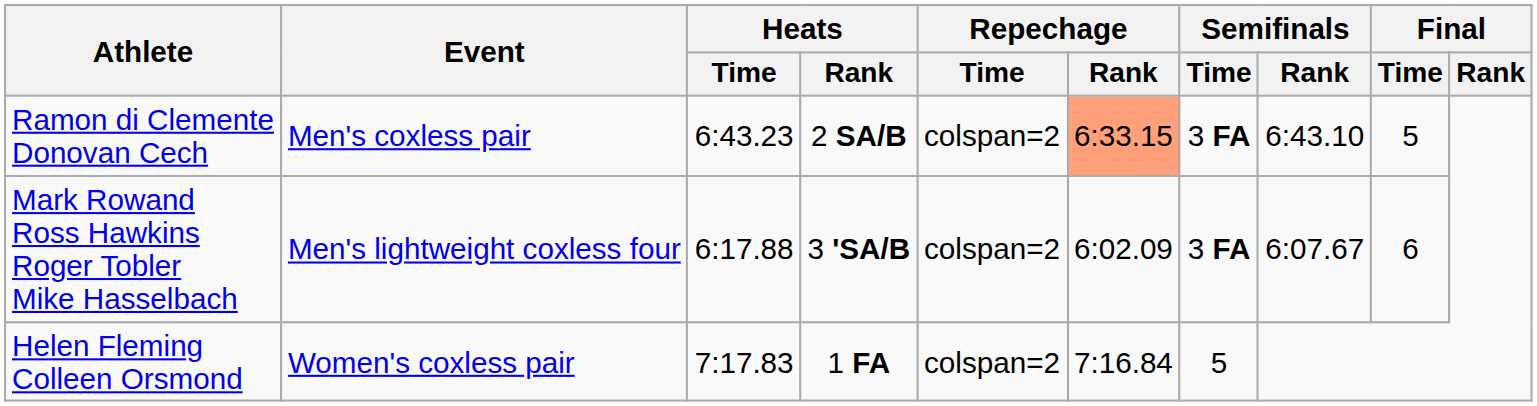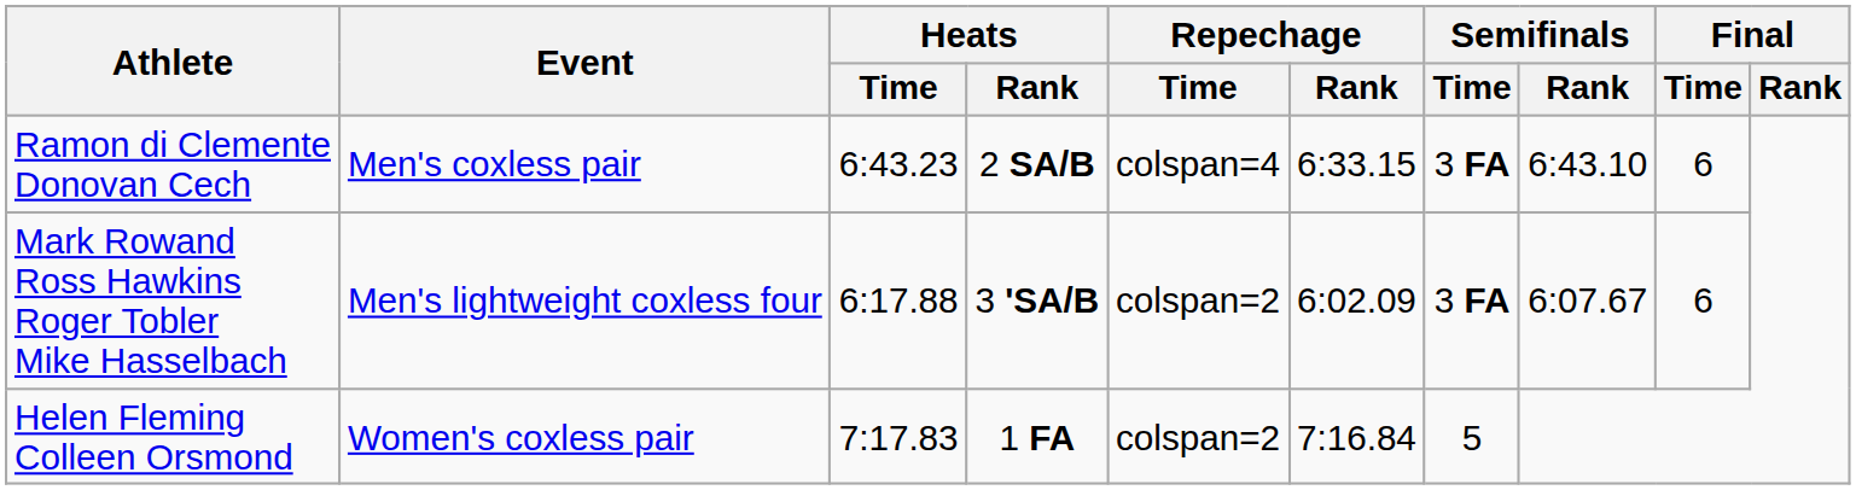 <table class="wikitable" style="font-size:90%">
 <tr>
 <th rowspan="2">Athlete</th>
 <th rowspan="2">Event</th>
 <th colspan="2">Heats</th>
 <th colspan="2">Repechage</th>
 <th colspan="2">Semifinals</th>
 <th colspan="2">Final</th>
 </tr>
 <tr style="font-size:95%">
 <th>Time</th>
 <th>Rank</th>
 <th>Time</th>
 <th>Rank</th>
 <th>Time</th>
 <th>Rank</th>
 <th>Time</th>
 <th>Rank</th>
 </tr>
 <tr align=center>
 <td align=left><a href='#'>Ramon di Clemente</a><br><a href='#'>Donovan Cech</a></td>
 <td align=left><a href='#'>Men's coxless pair</a></td>
 <td>6:43.23</td>
 <td>2 <strong>SA/B</strong></td>
-<td>colspan=2</td>
-<td style="background: lightsalmon;">6:33.15</td>
+<td>colspan=4</td>
+<td>6:33.15</td>
 <td>3 <strong>FA</strong></td>
 <td>6:43.10</td>
-<td>5</td>
+<td>6</td>
 </tr>
 <tr align=center>
 <td align=left><a href='#'>Mark Rowand</a><br><a href='#'>Ross Hawkins</a><br><a href='#'>Roger Tobler</a><br><a href='#'>Mike Hasselbach</a></td>
 <td align=left><a href='#'>Men's lightweight coxless four</a></td>
 <td>6:17.88</td>
 <td>3 <strong>'SA/B</strong></td>
 <td>colspan=2</td>
 <td>6:02.09</td>
 <td>3 <strong>FA</strong></td>
 <td>6:07.67</td>
 <td>6</td>
 </tr>
 <tr align=center>
 <td align=left><a href='#'>Helen Fleming</a><br><a href='#'>Colleen Orsmond</a></td>
 <td align=left><a href='#'>Women's coxless pair</a></td>
 <td>7:17.83</td>
 <td>1 <strong>FA</strong></td>
 <td>colspan=2</td>
 <td>7:16.84</td>
 <td>5</td>
 </tr>
 </table>
